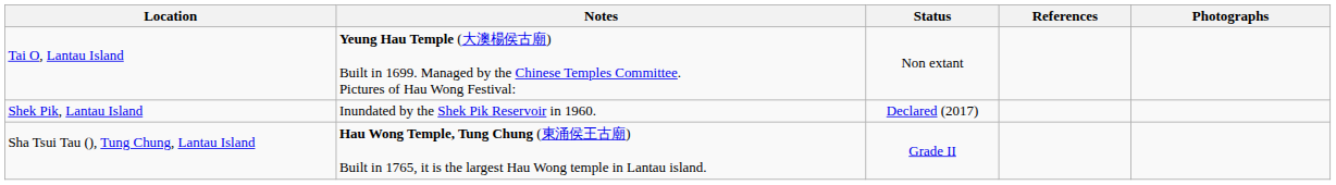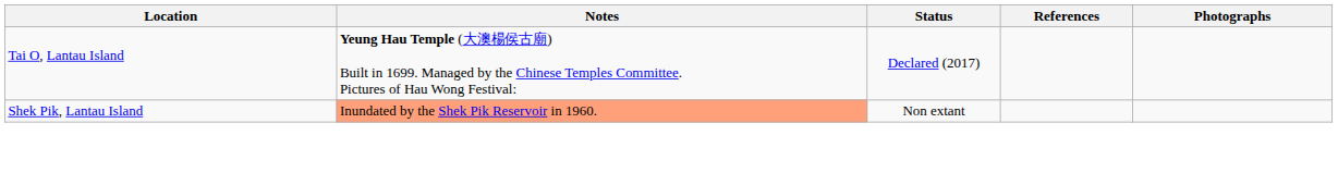 <table class="wikitable sortable" style="width:95%">
 <tr>
 <th width="25%">Location</th>
 <th width="40%">Notes</th>
 <th width="10%">Status</th>
 <th width="10%">References</th>
 <th width="15%">Photographs</th>
 </tr>
 <tr>
 <td><a href='#'>Tai O</a>, <a href='#'>Lantau Island</a><br><br></td>
 <td><strong>Yeung Hau Temple</strong> (<a href='#'>大澳楊侯古廟</a>)<br><br>Built in 1699. Managed by the <a href='#'>Chinese Temples Committee</a>.<br> Pictures of Hau Wong Festival:  </td>
-<td style="text-align:center">Non extant</td>
+<td style="text-align:center"><a href='#'>Declared</a> (2017)</td>
 <td> </td>
 <td></td>
 </tr>
 <tr>
 <td><a href='#'>Shek Pik</a>, <a href='#'>Lantau Island</a></td>
-<td>Inundated by the <a href='#'>Shek Pik Reservoir</a> in 1960.</td>
-<td style="text-align:center"><a href='#'>Declared</a> (2017)</td>
+<td style="background: lightsalmon;">Inundated by the <a href='#'>Shek Pik Reservoir</a> in 1960.</td>
+<td style="text-align:center">Non extant</td>
 <td></td>
 <td></td>
 </tr>
-<tr>
-<td>Sha Tsui Tau (), <a href='#'>Tung Chung</a>, <a href='#'>Lantau Island</a><br><br></td>
-<td><strong>Hau Wong Temple, Tung Chung</strong> (<a href='#'>東涌侯王古廟</a>)<br><br>Built in 1765, it is the largest Hau Wong temple in Lantau island.</td>
-<td style="text-align:center"><a href='#'>Grade II</a></td>
-<td>   </td>
-<td></td>
-</tr>
 </table>
